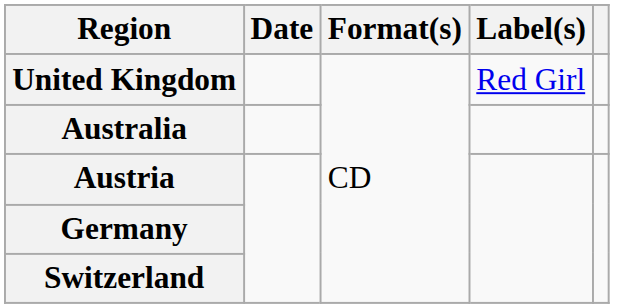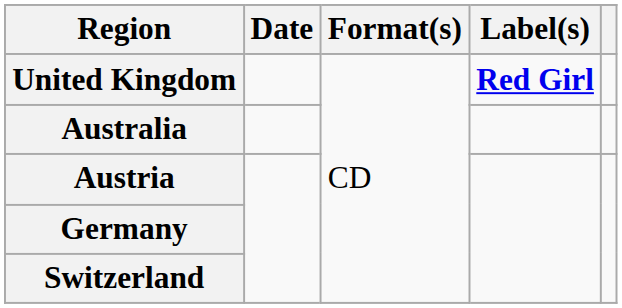 <table class="wikitable plainrowheaders">
 <tr>
 <th scope="col">Region</th>
 <th scope="col">Date</th>
 <th scope="col">Format(s)</th>
 <th scope="col">Label(s)</th>
 <th scope="col"></th>
 </tr>
 <tr>
 <th scope="row">United Kingdom</th>
 <td></td>
 <td rowspan="5">CD</td>
-<td><a href='#'>Red Girl</a></td>
+<td><strong><a href='#'>Red Girl</a></strong></td>
 <td></td>
 </tr>
 <tr>
 <th scope="row">Australia</th>
 <td></td>
 <td></td>
 <td></td>
 </tr>
 <tr>
 <th scope="row">Austria</th>
 <td rowspan="3"></td>
 <td rowspan="3"></td>
 <td rowspan="3"></td>
 </tr>
 <tr>
 <th scope="row">Germany</th>
 </tr>
 <tr>
 <th scope="row">Switzerland</th>
 </tr>
 </table>
